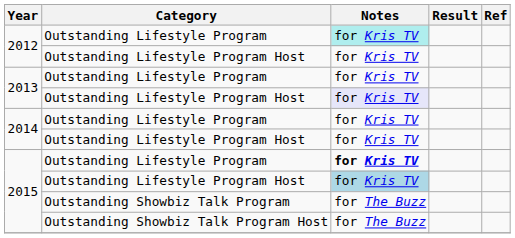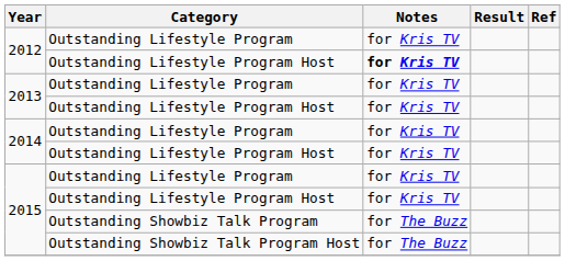 <table class="wikitable">
 <tr>
 <th>Year</th>
 <th>Category</th>
 <th>Notes</th>
 <th>Result</th>
 <th>Ref</th>
 </tr>
 <tr>
 <td rowspan="2">2012</td>
 <td>Outstanding Lifestyle Program</td>
-<td style="background: paleturquoise;">for <em><a href='#'>Kris TV</a></em></td>
+<td>for <em><a href='#'>Kris TV</a></em></td>
 <td></td>
 <td></td>
 </tr>
 <tr>
 <td>Outstanding Lifestyle Program Host</td>
-<td>for <em><a href='#'>Kris TV</a></em></td>
+<td><strong>for <em><a href='#'>Kris TV</a></em></strong></td>
 <td></td>
 <td></td>
 </tr>
 <tr>
 <td rowspan="2">2013</td>
 <td>Outstanding Lifestyle Program</td>
 <td>for <em><a href='#'>Kris TV</a></em></td>
 <td></td>
 <td></td>
 </tr>
 <tr>
 <td>Outstanding Lifestyle Program Host</td>
-<td style="background: lavender;">for <em><a href='#'>Kris TV</a></em></td>
+<td>for <em><a href='#'>Kris TV</a></em></td>
 <td></td>
 <td></td>
 </tr>
 <tr>
 <td rowspan="2">2014</td>
 <td>Outstanding Lifestyle Program</td>
 <td>for <em><a href='#'>Kris TV</a></em></td>
 <td></td>
 <td></td>
 </tr>
 <tr>
 <td>Outstanding Lifestyle Program Host</td>
 <td>for <em><a href='#'>Kris TV</a></em></td>
 <td></td>
 <td></td>
 </tr>
 <tr>
 <td rowspan="4">2015</td>
 <td>Outstanding Lifestyle Program</td>
-<td><strong>for <em><a href='#'>Kris TV</a></em></strong></td>
+<td>for <em><a href='#'>Kris TV</a></em></td>
 <td></td>
 <td></td>
 </tr>
 <tr>
 <td>Outstanding Lifestyle Program Host</td>
-<td style="background: lightblue;">for <em><a href='#'>Kris TV</a></em></td>
+<td>for <em><a href='#'>Kris TV</a></em></td>
 <td></td>
 <td></td>
 </tr>
 <tr>
 <td>Outstanding Showbiz Talk Program</td>
 <td>for <em><a href='#'>The Buzz</a></em></td>
 <td></td>
 <td></td>
 </tr>
 <tr>
 <td>Outstanding Showbiz Talk Program Host</td>
 <td>for <em><a href='#'>The Buzz</a></em></td>
 <td></td>
 <td></td>
 </tr>
 <tr>
 </tr>
 </table>
